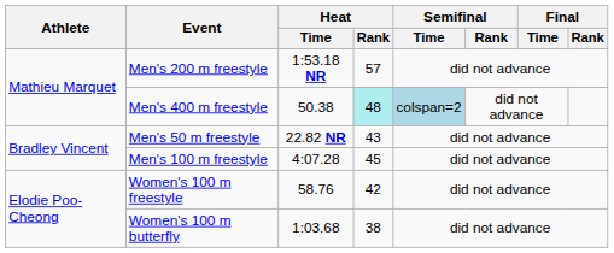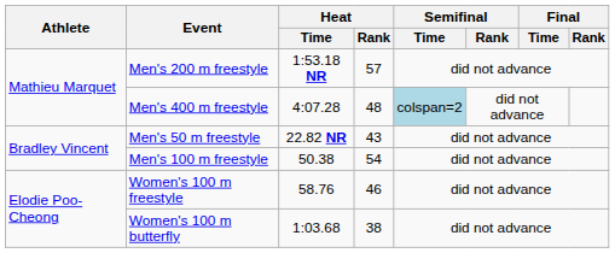 <table class=wikitable style="font-size:90%">
 <tr>
 <th rowspan="2">Athlete</th>
 <th rowspan="2">Event</th>
 <th colspan="2">Heat</th>
 <th colspan="2">Semifinal</th>
 <th colspan="2">Final</th>
 </tr>
 <tr style="font-size:95%">
 <th>Time</th>
 <th>Rank</th>
 <th>Time</th>
 <th>Rank</th>
 <th>Time</th>
 <th>Rank</th>
 </tr>
 <tr align=center>
 <td align=left rowspan=2><a href='#'>Mathieu Marquet</a></td>
 <td align=left><a href='#'>Men's 200 m freestyle</a></td>
 <td>1:53.18 <strong><a href='#'>NR</a></strong></td>
 <td>57</td>
 <td colspan=4>did not advance</td>
 </tr>
 <tr align=center>
 <td align=left><a href='#'>Men's 400 m freestyle</a></td>
-<td>50.38</td>
-<td style="background: paleturquoise;">48</td>
+<td>4:07.28</td>
+<td>48</td>
 <td style="background: lightblue;">colspan=2 </td>
 <td colspan=2>did not advance</td>
 </tr>
 <tr align=center>
 <td align=left rowspan=2><a href='#'>Bradley Vincent</a></td>
 <td align=left><a href='#'>Men's 50 m freestyle</a></td>
 <td>22.82 <strong><a href='#'>NR</a></strong></td>
 <td>43</td>
 <td colspan=4>did not advance</td>
 </tr>
 <tr align=center>
 <td align=left><a href='#'>Men's 100 m freestyle</a></td>
-<td>4:07.28</td>
-<td>45</td>
+<td>50.38</td>
+<td>54</td>
 <td colspan=4>did not advance</td>
 </tr>
 <tr align=center>
 <td align=left rowspan=2><a href='#'>Elodie Poo-Cheong</a></td>
 <td align=left><a href='#'>Women's 100 m freestyle</a></td>
 <td>58.76</td>
-<td>42</td>
+<td>46</td>
 <td colspan=4>did not advance</td>
 </tr>
 <tr align=center>
 <td align=left><a href='#'>Women's 100 m butterfly</a></td>
 <td>1:03.68</td>
 <td>38</td>
 <td colspan=4>did not advance</td>
 </tr>
 </table>
